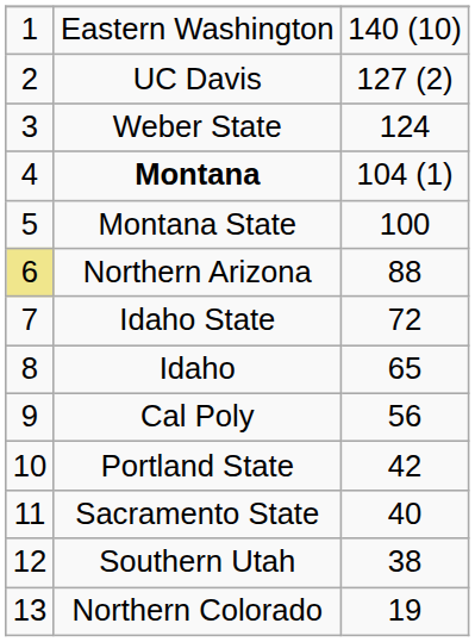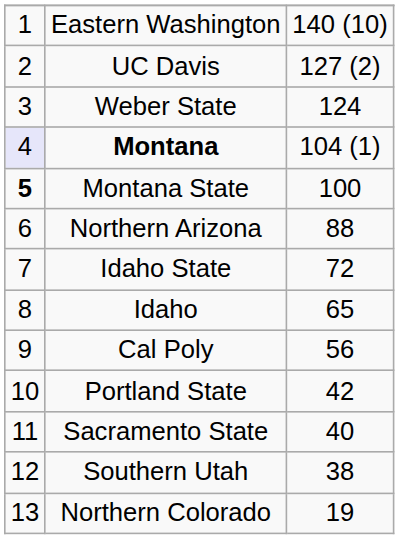 <table class="wikitable" style="display: inline-table;">
 <tr align="center">
 </tr>
 <tr align="center">
 <td>1</td>
 <td>Eastern Washington</td>
 <td>140 (10)</td>
 </tr>
 <tr align="center">
 <td>2</td>
 <td>UC Davis</td>
 <td>127 (2)</td>
 </tr>
 <tr align="center">
 <td>3</td>
 <td>Weber State</td>
 <td>124</td>
 </tr>
 <tr align="center">
-<td>4</td>
+<td style="background: lavender;">4</td>
 <td><strong>Montana</strong></td>
 <td>104 (1)</td>
 </tr>
 <tr align="center">
-<td>5</td>
+<td><strong>5</strong></td>
 <td>Montana State</td>
 <td>100</td>
 </tr>
 <tr align="center">
-<td style="background: khaki;">6</td>
+<td>6</td>
 <td>Northern Arizona</td>
 <td>88</td>
 </tr>
 <tr align="center">
 <td>7</td>
 <td>Idaho State</td>
 <td>72</td>
 </tr>
 <tr align="center">
 <td>8</td>
 <td>Idaho</td>
 <td>65</td>
 </tr>
 <tr align="center">
 <td>9</td>
 <td>Cal Poly</td>
 <td>56</td>
 </tr>
 <tr align="center">
 <td>10</td>
 <td>Portland State</td>
 <td>42</td>
 </tr>
 <tr align="center">
 <td>11</td>
 <td>Sacramento State</td>
 <td>40</td>
 </tr>
 <tr align="center">
 <td>12</td>
 <td>Southern Utah</td>
 <td>38</td>
 </tr>
 <tr align="center">
 <td>13</td>
 <td>Northern Colorado</td>
 <td>19</td>
 </tr>
 </table>
